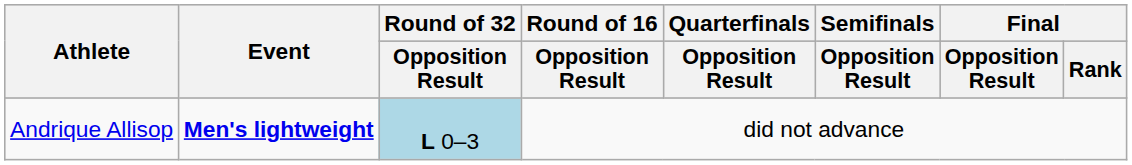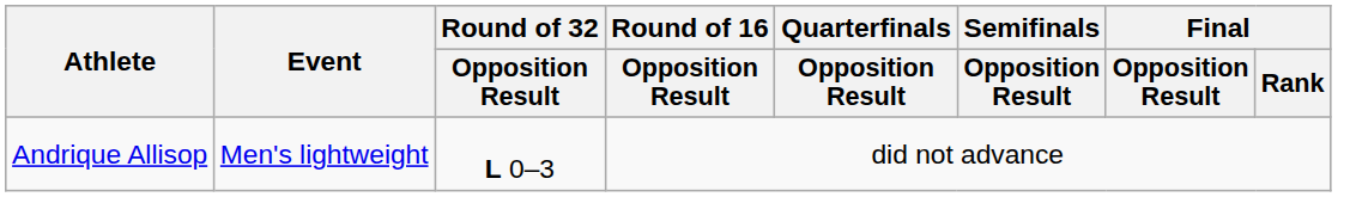 <table class="wikitable" style="font-size:90%">
 <tr>
 <th rowspan="2">Athlete</th>
 <th rowspan="2">Event</th>
 <th>Round of 32</th>
 <th>Round of 16</th>
 <th>Quarterfinals</th>
 <th>Semifinals</th>
 <th colspan=2>Final</th>
 </tr>
 <tr style="font-size:95%">
 <th>Opposition<br>Result</th>
 <th>Opposition<br>Result</th>
 <th>Opposition<br>Result</th>
 <th>Opposition<br>Result</th>
 <th>Opposition<br>Result</th>
 <th>Rank</th>
 </tr>
 <tr align=center>
 <td align=left><a href='#'>Andrique Allisop</a></td>
-<td align=left><strong><a href='#'>Men's lightweight</a></strong></td>
-<td style="background: lightblue;"><br><strong>L</strong> 0–3</td>
+<td align=left><a href='#'>Men's lightweight</a></td>
+<td><br><strong>L</strong> 0–3</td>
 <td colspan=5>did not advance</td>
 </tr>
 </table>
